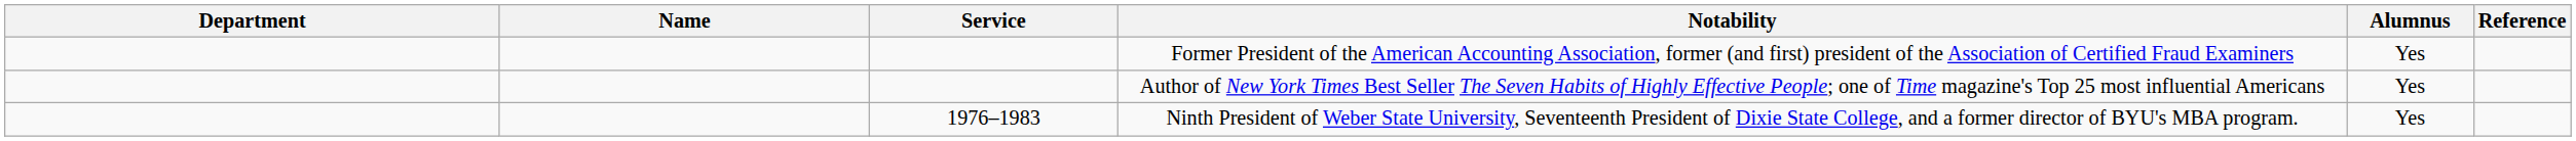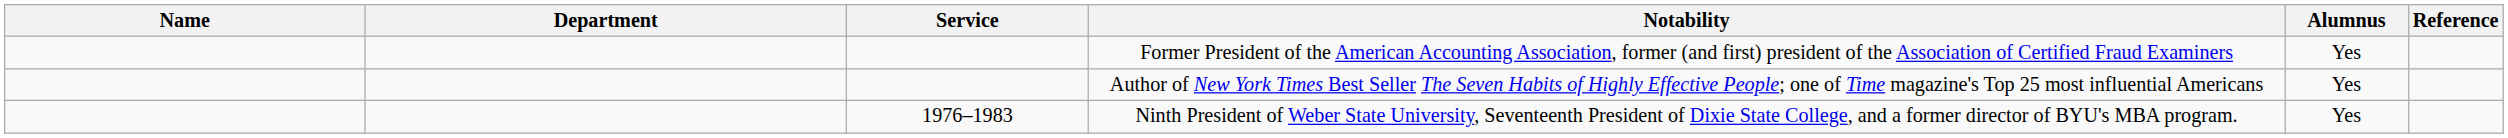 <table class="wikitable sortable" style="width:100%">
 <tr>
+<th style="width:15%;">Name</th>
 <th style="width:20%;">Department</th>
-<th style="width:15%;">Name</th>
 <th style="width:10%;">Service</th>
 <th style="width:50%;" class="unsortable">Notability</th>
 <th style="width:5%;">Alumnus</th>
 <th style="width:*;" class="unsortable">Reference</th>
 </tr>
 <tr>
 <td></td>
 <td></td>
 <td style="text-align:center;"></td>
 <td style="text-align:center;">Former President of the <a href='#'>American Accounting Association</a>, former (and first) president of the <a href='#'>Association of Certified Fraud Examiners</a></td>
 <td style="text-align:center;">Yes</td>
 <td style="text-align:center;"></td>
 </tr>
 <tr>
 <td></td>
 <td></td>
 <td style="text-align:center;"></td>
 <td style="text-align:center;">Author of <a href='#'><em>New York Times</em> Best Seller</a> <em><a href='#'>The Seven Habits of Highly Effective People</a></em>; one of <em><a href='#'>Time</a></em> magazine's Top 25 most influential Americans</td>
 <td style="text-align:center;">Yes</td>
 <td style="text-align:center;"></td>
 </tr>
 <tr>
 <td></td>
 <td></td>
 <td style="text-align:center;">1976–1983</td>
 <td style="text-align:center;">Ninth President of <a href='#'>Weber State University</a>, Seventeenth President of <a href='#'>Dixie State College</a>, and a former director of BYU's MBA program.</td>
 <td style="text-align:center;">Yes</td>
 <td style="text-align:center;"></td>
 </tr>
 </table>
